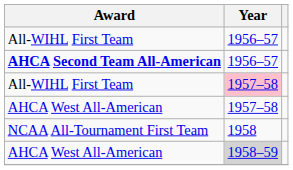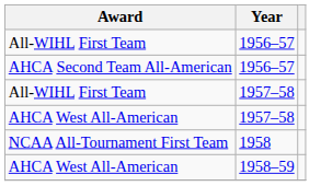 <table class="wikitable">
 <tr>
 <th>Award</th>
 <th>Year</th>
 <th></th>
 </tr>
 <tr>
 <td>All-<a href='#'>WIHL</a> <a href='#'>First Team</a></td>
 <td><a href='#'>1956–57</a></td>
 <td></td>
 </tr>
 <tr>
-<td><strong><a href='#'>AHCA</a> <a href='#'>Second Team All-American</a></strong></td>
+<td><a href='#'>AHCA</a> <a href='#'>Second Team All-American</a></td>
 <td><a href='#'>1956–57</a></td>
 <td></td>
 </tr>
 <tr>
 <td>All-<a href='#'>WIHL</a> <a href='#'>First Team</a></td>
-<td style="background: pink;"><a href='#'>1957–58</a></td>
+<td><a href='#'>1957–58</a></td>
 <td></td>
 </tr>
 <tr>
 <td><a href='#'>AHCA</a> <a href='#'>West All-American</a></td>
 <td><a href='#'>1957–58</a></td>
 <td></td>
 </tr>
 <tr>
 <td><a href='#'>NCAA</a> <a href='#'>All-Tournament First Team</a></td>
 <td><a href='#'>1958</a></td>
 <td></td>
 </tr>
 <tr>
 <td><a href='#'>AHCA</a> <a href='#'>West All-American</a></td>
-<td style="background: lightgrey;"><a href='#'>1958–59</a></td>
+<td><a href='#'>1958–59</a></td>
 <td></td>
 </tr>
 <tr>
 </tr>
 </table>
